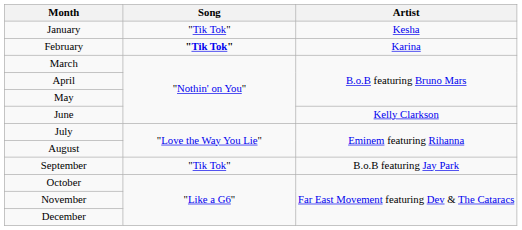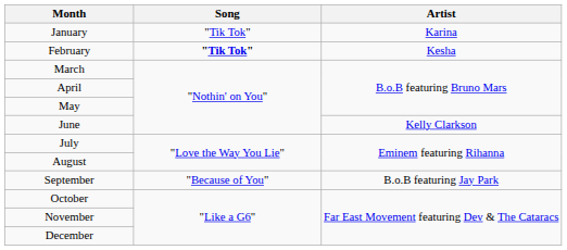 <table class="wikitable">
 <tr>
 <th width="170">Month</th>
 <th width="250">Song</th>
 <th>Artist</th>
 </tr>
 <tr>
 <td align="center">January</td>
 <td align="center">"<a href='#'>Tik Tok</a>"</td>
-<td align="center"><a href='#'>Kesha</a></td>
+<td align="center"><a href='#'>Karina</a></td>
 </tr>
 <tr>
 <td align="center">February</td>
 <td align="center"><strong>"<a href='#'>Tik Tok</a>"</strong></td>
-<td align="center"><a href='#'>Karina</a></td>
+<td align="center"><a href='#'>Kesha</a></td>
 </tr>
 <tr>
 <td align="center">March</td>
 <td align="center" rowspan="4">"<a href='#'>Nothin' on You</a>"</td>
 <td align="center" rowspan="3"><a href='#'>B.o.B</a> featuring <a href='#'>Bruno Mars</a></td>
 </tr>
 <tr>
 <td align="center">April</td>
 </tr>
 <tr>
 <td align="center">May</td>
 </tr>
 <tr>
 <td align="center">June</td>
 <td align="center"><a href='#'>Kelly Clarkson</a></td>
 </tr>
 <tr>
 <td align="center">July</td>
 <td align="center" rowspan="2">"<a href='#'>Love the Way You Lie</a>"</td>
 <td align="center" rowspan="2"><a href='#'>Eminem</a> featuring <a href='#'>Rihanna</a></td>
 </tr>
 <tr>
 <td align="center">August</td>
 </tr>
 <tr>
 <td align="center">September</td>
-<td align="center">"<a href='#'>Tik Tok</a>"</td>
+<td align="center">"<a href='#'>Because of You</a>"</td>
 <td align="center">B.o.B featuring <a href='#'>Jay Park</a></td>
 </tr>
 <tr>
 <td align="center">October</td>
 <td align="center" rowspan="3">"<a href='#'>Like a G6</a>"</td>
 <td align="center" rowspan="3"><a href='#'>Far East Movement</a> featuring <a href='#'>Dev</a> & <a href='#'>The Cataracs</a></td>
 </tr>
 <tr>
 <td align="center">November</td>
 </tr>
 <tr>
 <td align="center">December</td>
 </tr>
 </table>
